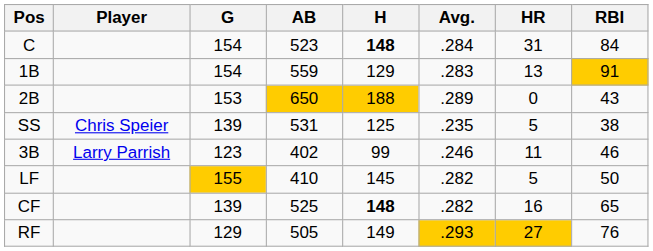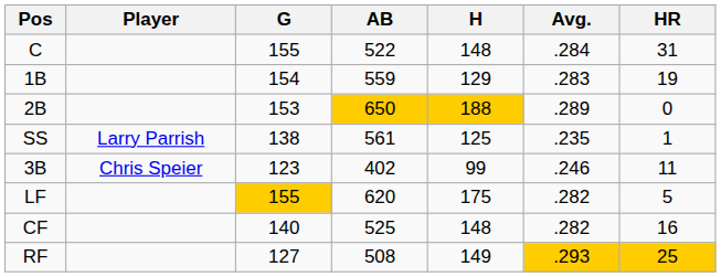 <table class="wikitable sortable">
 <tr>
 <th bgcolor="#DDDDFF" width="5%">Pos</th>
 <th bgcolor="#DDDDFF" width="16%">Player</th>
 <th bgcolor="#DDDDFF" width="9%">G</th>
 <th bgcolor="#DDDDFF" width="9%">AB</th>
 <th bgcolor="#DDDDFF" width="9%">H</th>
 <th bgcolor="#DDDDFF" width="9%">Avg.</th>
 <th bgcolor="#DDDDFF" width="9%">HR</th>
-<th bgcolor="#DDDDFF" width="9%">RBI</th>
 </tr>
 <tr align="center">
 <td>C</td>
 <td></td>
-<td>154</td>
-<td>523</td>
-<td><strong>148</strong></td>
+<td>155</td>
+<td>522</td>
+<td>148</td>
 <td>.284</td>
 <td>31</td>
-<td>84</td>
 </tr>
 <tr align="center">
 <td>1B</td>
 <td></td>
 <td>154</td>
 <td>559</td>
 <td>129</td>
 <td>.283</td>
-<td>13</td>
-<td style="background:#fc0;">91</td>
+<td>19</td>
 </tr>
 <tr align="center">
 <td>2B</td>
 <td></td>
 <td>153</td>
 <td style="background:#fc0;">650</td>
 <td style="background:#fc0;">188</td>
 <td>.289</td>
 <td>0</td>
-<td>43</td>
 </tr>
 <tr align="center">
 <td>SS</td>
-<td><a href='#'>Chris Speier</a></td>
-<td>139</td>
-<td>531</td>
+<td><a href='#'>Larry Parrish</a></td>
+<td>138</td>
+<td>561</td>
 <td>125</td>
 <td>.235</td>
-<td>5</td>
-<td>38</td>
+<td>1</td>
 </tr>
 <tr align=center>
 <td>3B</td>
-<td><a href='#'>Larry Parrish</a></td>
+<td><a href='#'>Chris Speier</a></td>
 <td>123</td>
 <td>402</td>
 <td>99</td>
 <td>.246</td>
 <td>11</td>
-<td>46</td>
 </tr>
 <tr align=center>
 <td>LF</td>
 <td></td>
 <td style="background:#fc0;">155</td>
-<td>410</td>
-<td>145</td>
+<td>620</td>
+<td>175</td>
 <td>.282</td>
 <td>5</td>
-<td>50</td>
 </tr>
 <tr align="center">
 <td>CF</td>
 <td></td>
-<td>139</td>
+<td>140</td>
 <td>525</td>
-<td><strong>148</strong></td>
+<td>148</td>
 <td>.282</td>
 <td>16</td>
-<td>65</td>
 </tr>
 <tr align="center">
 <td>RF</td>
 <td></td>
-<td>129</td>
-<td>505</td>
+<td>127</td>
+<td>508</td>
 <td>149</td>
 <td style="background:#fc0;">.293</td>
-<td style="background:#fc0;">27</td>
-<td>76</td>
+<td style="background:#fc0;">25</td>
 </tr>
 </table>
